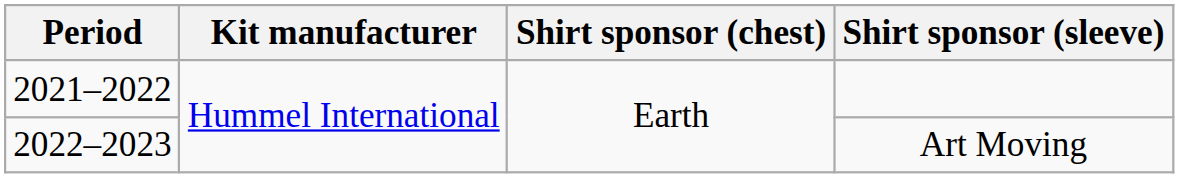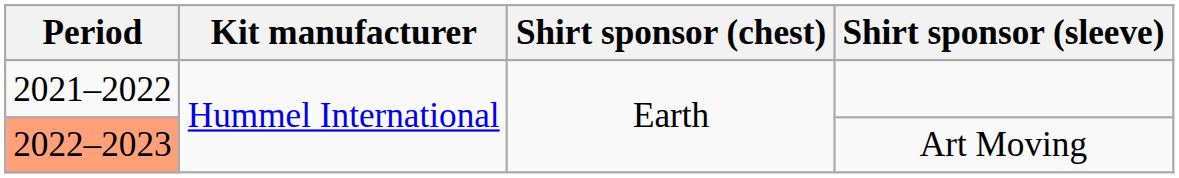 <table class="wikitable" style="text-align:center">
 <tr>
 <th>Period</th>
 <th>Kit manufacturer</th>
 <th>Shirt sponsor (chest)</th>
 <th>Shirt sponsor (sleeve)</th>
 </tr>
 <tr>
 <td>2021–2022</td>
 <td rowspan="2"><a href='#'>Hummel International</a></td>
 <td rowspan="2">Earth</td>
 <td></td>
 </tr>
 <tr>
-<td>2022–2023</td>
+<td style="background: lightsalmon;">2022–2023</td>
 <td>Art Moving</td>
 </tr>
 </table>
